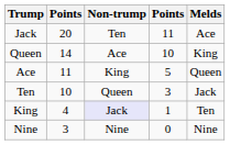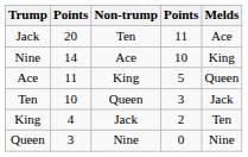 <table class="wikitable" style="text-align:center">
 <tr>
 <th>Trump</th>
 <th>Points</th>
 <th>Non-trump</th>
 <th>Points</th>
 <th>Melds</th>
 </tr>
 <tr>
 <td>Jack</td>
 <td>20</td>
 <td>Ten</td>
 <td>11</td>
 <td>Ace</td>
 </tr>
 <tr>
-<td>Queen</td>
+<td>Nine</td>
 <td>14</td>
 <td>Ace</td>
 <td>10</td>
 <td>King</td>
 </tr>
 <tr>
 <td>Ace</td>
 <td>11</td>
 <td>King</td>
 <td>5</td>
 <td>Queen</td>
 </tr>
 <tr>
 <td>Ten</td>
 <td>10</td>
 <td>Queen</td>
 <td>3</td>
 <td>Jack</td>
 </tr>
 <tr>
 <td>King</td>
 <td>4</td>
-<td style="background: lavender;">Jack</td>
-<td>1</td>
+<td>Jack</td>
+<td>2</td>
 <td>Ten</td>
 </tr>
 <tr>
-<td>Nine</td>
+<td>Queen</td>
 <td>3</td>
 <td>Nine</td>
 <td>0</td>
 <td>Nine</td>
 </tr>
 </table>
